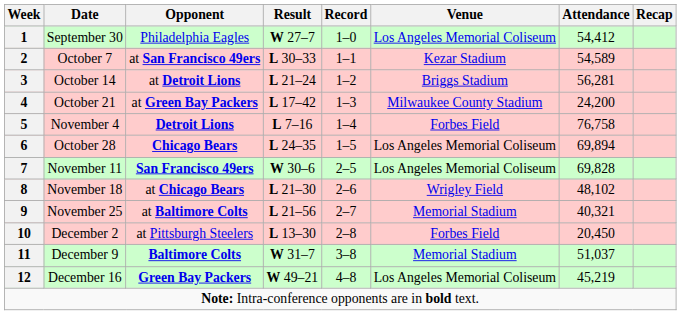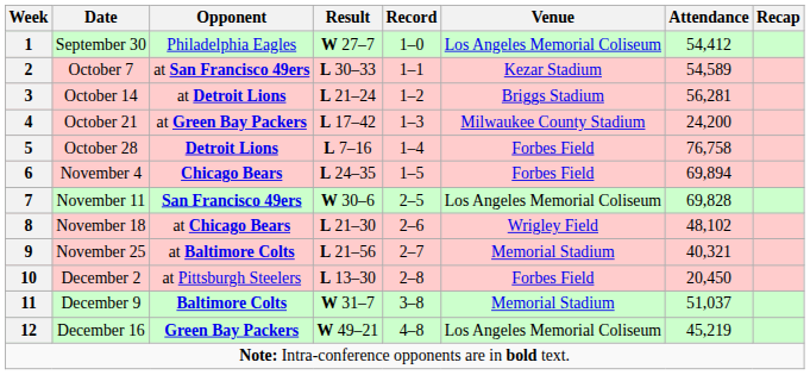 <table class="wikitable" style="text-align:center">
 <tr>
 <th>Week</th>
 <th>Date</th>
 <th>Opponent</th>
 <th>Result</th>
 <th>Record</th>
 <th>Venue</th>
 <th>Attendance</th>
 <th>Recap</th>
 </tr>
 <tr style="background:#cfc">
 <th>1</th>
 <td>September 30</td>
 <td><a href='#'>Philadelphia Eagles</a></td>
 <td><strong>W</strong> 27–7</td>
 <td>1–0</td>
 <td><a href='#'>Los Angeles Memorial Coliseum</a></td>
 <td>54,412</td>
 <td></td>
 </tr>
 <tr style="background:#fcc">
 <th>2</th>
 <td>October 7</td>
 <td>at <strong><a href='#'>San Francisco 49ers</a></strong></td>
 <td><strong>L</strong> 30–33</td>
 <td>1–1</td>
 <td><a href='#'>Kezar Stadium</a></td>
 <td>54,589</td>
 <td></td>
 </tr>
 <tr style="background:#fcc">
 <th>3</th>
 <td>October 14</td>
 <td>at <strong><a href='#'>Detroit Lions</a></strong></td>
 <td><strong>L</strong> 21–24</td>
 <td>1–2</td>
 <td><a href='#'>Briggs Stadium</a></td>
 <td>56,281</td>
 <td></td>
 </tr>
 <tr style="background:#fcc">
 <th>4</th>
 <td>October 21</td>
 <td>at <strong><a href='#'>Green Bay Packers</a></strong></td>
 <td><strong>L</strong> 17–42</td>
 <td>1–3</td>
 <td><a href='#'>Milwaukee County Stadium</a></td>
 <td>24,200</td>
 <td></td>
 </tr>
 <tr style="background:#fcc">
 <th>5</th>
-<td>November 4</td>
+<td>October 28</td>
 <td><strong><a href='#'>Detroit Lions</a></strong></td>
 <td><strong>L</strong> 7–16</td>
 <td>1–4</td>
 <td><a href='#'>Forbes Field</a></td>
 <td>76,758</td>
 <td></td>
 </tr>
 <tr style="background:#fcc">
 <th>6</th>
-<td>October 28</td>
+<td>November 4</td>
 <td><strong><a href='#'>Chicago Bears</a></strong></td>
 <td><strong>L</strong> 24–35</td>
 <td>1–5</td>
-<td>Los Angeles Memorial Coliseum</td>
+<td><a href='#'>Forbes Field</a></td>
 <td>69,894</td>
 <td></td>
 </tr>
 <tr style="background:#cfc">
 <th>7</th>
 <td>November 11</td>
 <td><strong><a href='#'>San Francisco 49ers</a></strong></td>
 <td><strong>W</strong> 30–6</td>
 <td>2–5</td>
 <td>Los Angeles Memorial Coliseum</td>
 <td>69,828</td>
 <td></td>
 </tr>
 <tr style="background:#fcc">
 <th>8</th>
 <td>November 18</td>
 <td>at <strong><a href='#'>Chicago Bears</a></strong></td>
 <td><strong>L</strong> 21–30</td>
 <td>2–6</td>
 <td><a href='#'>Wrigley Field</a></td>
 <td>48,102</td>
 <td></td>
 </tr>
 <tr style="background:#fcc">
 <th>9</th>
 <td>November 25</td>
 <td>at <strong><a href='#'>Baltimore Colts</a></strong></td>
 <td><strong>L</strong> 21–56</td>
 <td>2–7</td>
 <td><a href='#'>Memorial Stadium</a></td>
 <td>40,321</td>
 <td></td>
 </tr>
 <tr style="background:#fcc">
 <th>10</th>
 <td>December 2</td>
 <td>at <a href='#'>Pittsburgh Steelers</a></td>
 <td><strong>L</strong> 13–30</td>
 <td>2–8</td>
 <td><a href='#'>Forbes Field</a></td>
 <td>20,450</td>
 <td></td>
 </tr>
 <tr style="background:#cfc">
 <th>11</th>
 <td>December 9</td>
 <td><strong><a href='#'>Baltimore Colts</a></strong></td>
 <td><strong>W</strong> 31–7</td>
 <td>3–8</td>
 <td><a href='#'>Memorial Stadium</a></td>
 <td>51,037</td>
 <td></td>
 </tr>
 <tr style="background:#cfc">
 <th>12</th>
 <td>December 16</td>
 <td><strong><a href='#'>Green Bay Packers</a></strong></td>
 <td><strong>W</strong> 49–21</td>
 <td>4–8</td>
 <td>Los Angeles Memorial Coliseum</td>
 <td>45,219</td>
 <td></td>
 </tr>
 <tr>
 <td colspan="8"><strong>Note:</strong> Intra-conference opponents are in <strong>bold</strong> text.</td>
 </tr>
 </table>
